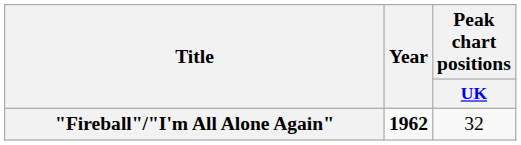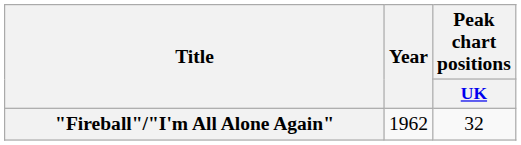 <table class="wikitable plainrowheaders" style="text-align:center;" border="1">
 <tr>
 <th scope="col" rowspan="2" style="width:19em;">Title</th>
 <th scope="col" rowspan="2" style="width:1em;">Year</th>
 <th scope="col" colspan="1">Peak chart positions</th>
 </tr>
 <tr>
 <th scope="col" style="width:3em;font-size:90%;"><a href='#'>UK</a><br></th>
 </tr>
 <tr>
 <th scope="row">"Fireball"/"I'm All Alone Again"</th>
-<td><strong>1962</strong></td>
+<td>1962</td>
 <td>32</td>
 </tr>
 </table>
